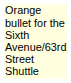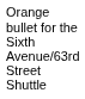 <table style="width:90px;">
 <tr>
 <td></td>
 </tr>
 <tr>
-<td style="background: lightyellow;"><div>Orange bullet for the Sixth Avenue/63rd Street Shuttle</div></td>
+<td><div>Orange bullet for the Sixth Avenue/63rd Street Shuttle</div></td>
 </tr>
 </table>
